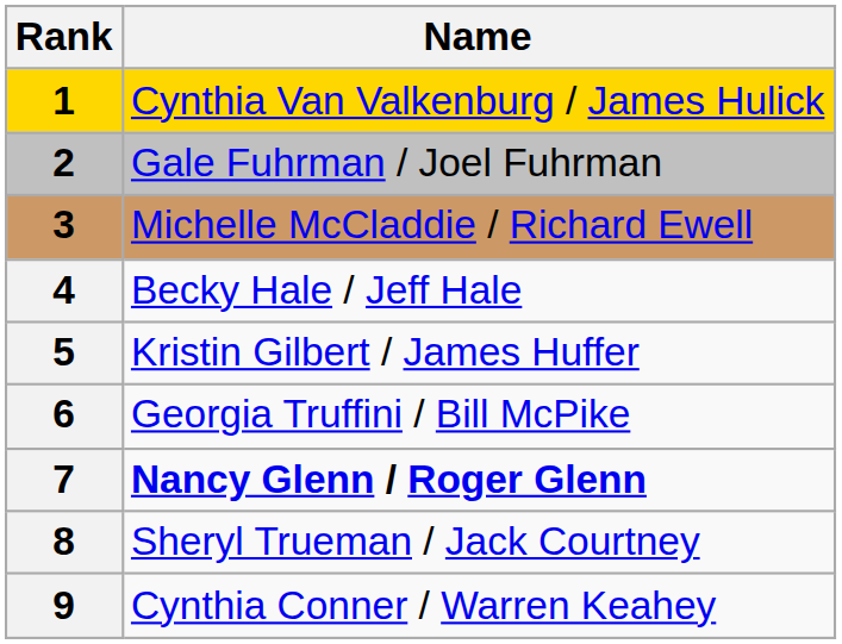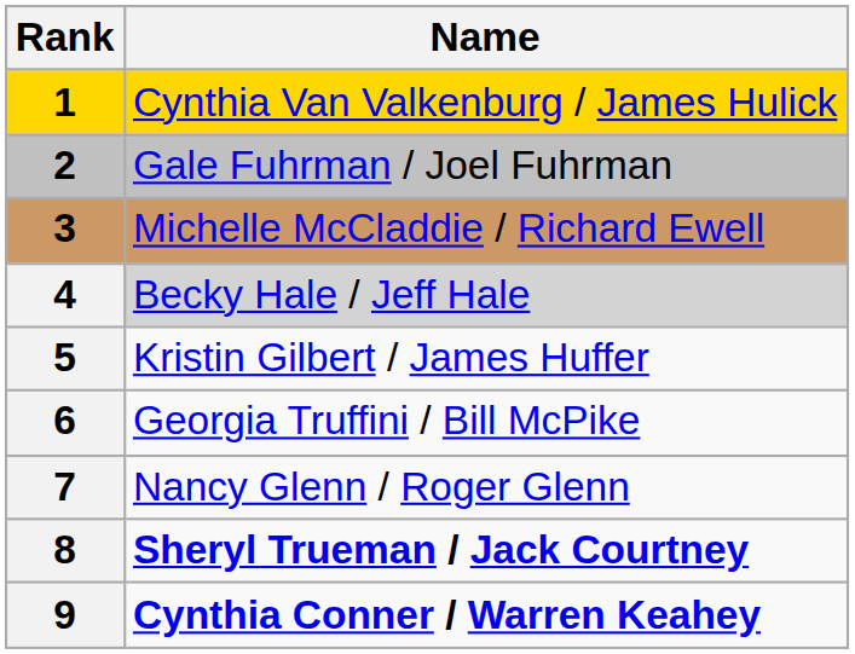 <table class="wikitable">
 <tr>
 <th>Rank</th>
 <th>Name</th>
 </tr>
 <tr bgcolor="gold">
 <td align="center"><strong>1</strong></td>
 <td><a href='#'>Cynthia Van Valkenburg</a> / <a href='#'>James Hulick</a></td>
 </tr>
 <tr bgcolor="silver">
 <td align="center"><strong>2</strong></td>
 <td><a href='#'>Gale Fuhrman</a> / Joel Fuhrman</td>
 </tr>
 <tr bgcolor="cc9966">
 <td align="center"><strong>3</strong></td>
 <td><a href='#'>Michelle McCladdie</a> / <a href='#'>Richard Ewell</a></td>
 </tr>
 <tr>
 <th>4</th>
-<td><a href='#'>Becky Hale</a> / <a href='#'>Jeff Hale</a></td>
+<td style="background: lightgrey;"><a href='#'>Becky Hale</a> / <a href='#'>Jeff Hale</a></td>
 </tr>
 <tr>
 <th>5</th>
 <td><a href='#'>Kristin Gilbert</a> / <a href='#'>James Huffer</a></td>
 </tr>
 <tr>
 <th>6</th>
 <td><a href='#'>Georgia Truffini</a> / <a href='#'>Bill McPike</a></td>
 </tr>
 <tr>
 <th>7</th>
-<td><strong><a href='#'>Nancy Glenn</a> / <a href='#'>Roger Glenn</a></strong></td>
+<td><a href='#'>Nancy Glenn</a> / <a href='#'>Roger Glenn</a></td>
 </tr>
 <tr>
 <th>8</th>
-<td><a href='#'>Sheryl Trueman</a> / <a href='#'>Jack Courtney</a></td>
+<td><strong><a href='#'>Sheryl Trueman</a> / <a href='#'>Jack Courtney</a></strong></td>
 </tr>
 <tr>
 <th>9</th>
-<td><a href='#'>Cynthia Conner</a> / <a href='#'>Warren Keahey</a></td>
+<td><strong><a href='#'>Cynthia Conner</a> / <a href='#'>Warren Keahey</a></strong></td>
 </tr>
 </table>
